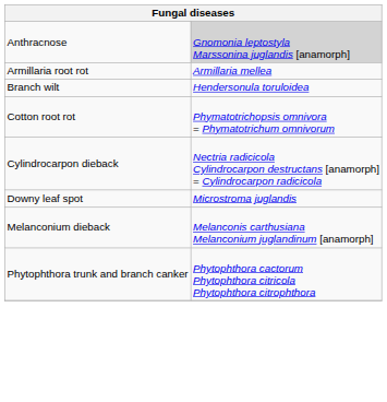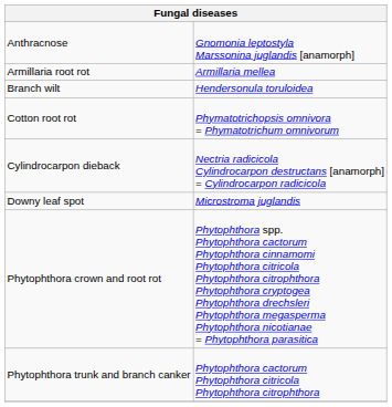 <table class="wikitable" style="clear">
 <tr>
 <th colspan=2><strong>Fungal diseases</strong><br></th>
 </tr>
 <tr>
 <td>Anthracnose</td>
-<td style="background: lightgrey;"><br><em><a href='#'>Gnomonia leptostyla</a></em><br> <em><a href='#'>Marssonina juglandis</a></em> [anamorph]</td>
+<td><br><em><a href='#'>Gnomonia leptostyla</a></em><br> <em><a href='#'>Marssonina juglandis</a></em> [anamorph]</td>
 </tr>
 <tr>
 <td>Armillaria root rot</td>
 <td><em><a href='#'>Armillaria mellea</a></em></td>
 </tr>
 <tr>
 <td>Branch wilt</td>
 <td><em><a href='#'>Hendersonula toruloidea</a></em></td>
 </tr>
 <tr>
 <td>Cotton root rot</td>
 <td><br><em><a href='#'>Phymatotrichopsis omnivora</a></em> <br>= <em><a href='#'>Phymatotrichum omnivorum</a></em></td>
 </tr>
 <tr>
 <td>Cylindrocarpon dieback</td>
 <td><br><em><a href='#'>Nectria radicicola</a></em><br><em><a href='#'>Cylindrocarpon destructans</a></em> [anamorph] <br>= <em><a href='#'>Cylindrocarpon radicicola</a></em></td>
 </tr>
 <tr>
 <td>Downy leaf spot</td>
 <td><em><a href='#'>Microstroma juglandis</a></em></td>
 </tr>
 <tr>
-<td>Melanconium dieback</td>
-<td><br><em><a href='#'>Melanconis carthusiana</a></em><br> <em><a href='#'>Melanconium juglandinum</a></em> [anamorph]</td>
+<td>Phytophthora crown and root rot</td>
+<td><br><em><a href='#'>Phytophthora</a></em> spp.<br>  <em><a href='#'>Phytophthora cactorum</a></em><br> <em><a href='#'>Phytophthora cinnamomi</a></em><br> <em><a href='#'>Phytophthora citricola</a></em><br> <em><a href='#'>Phytophthora citrophthora</a></em><br> <em><a href='#'>Phytophthora cryptogea</a></em><br> <em><a href='#'>Phytophthora drechsleri</a></em><br> <em><a href='#'>Phytophthora megasperma</a></em><br> <em><a href='#'>Phytophthora nicotianae</a></em> <br>= <em><a href='#'>Phytophthora parasitica</a></em></td>
 </tr>
 <tr>
 <td>Phytophthora trunk and branch canker</td>
 <td><br><em><a href='#'>Phytophthora cactorum</a></em><br> <em><a href='#'>Phytophthora citricola</a></em><br> <em><a href='#'>Phytophthora citrophthora</a></em></td>
 </tr>
 <tr>
 </tr>
 </table>
